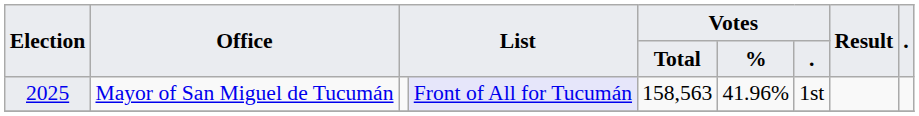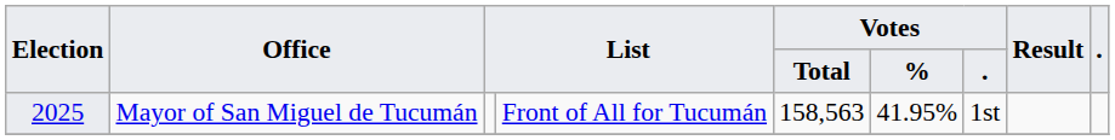 <table class="wikitable" style="font-size:90%; text-align:center;">
 <tr>
 <th style="background-color:#EAECF0;" rowspan=2>Election</th>
 <th style="background-color:#EAECF0;" rowspan=2>Office</th>
 <th style="background-color:#EAECF0;" colspan=2 rowspan=2>List</th>
 <th style="background-color:#EAECF0;" colspan=3>Votes</th>
 <th style="background-color:#EAECF0;" rowspan=2>Result</th>
 <th style="background-color:#EAECF0;" rowspan=2>.</th>
 </tr>
 <tr>
 <th style="background-color:#EAECF0;">Total</th>
 <th style="background-color:#EAECF0;">%</th>
 <th style="background-color:#EAECF0;">.</th>
 </tr>
 <tr>
 <td style="background-color:#EAECF0;"><a href='#'>2025</a></td>
 <td><a href='#'>Mayor of San Miguel de Tucumán</a></td>
 <td style="background-color:"></td>
-<td style="background: lavender;"><a href='#'>Front of All for Tucumán</a></td>
+<td><a href='#'>Front of All for Tucumán</a></td>
 <td>158,563</td>
-<td>41.96%</td>
+<td>41.95%</td>
 <td>1st</td>
 <td></td>
 <td></td>
 </tr>
 <tr>
 </tr>
 </table>
